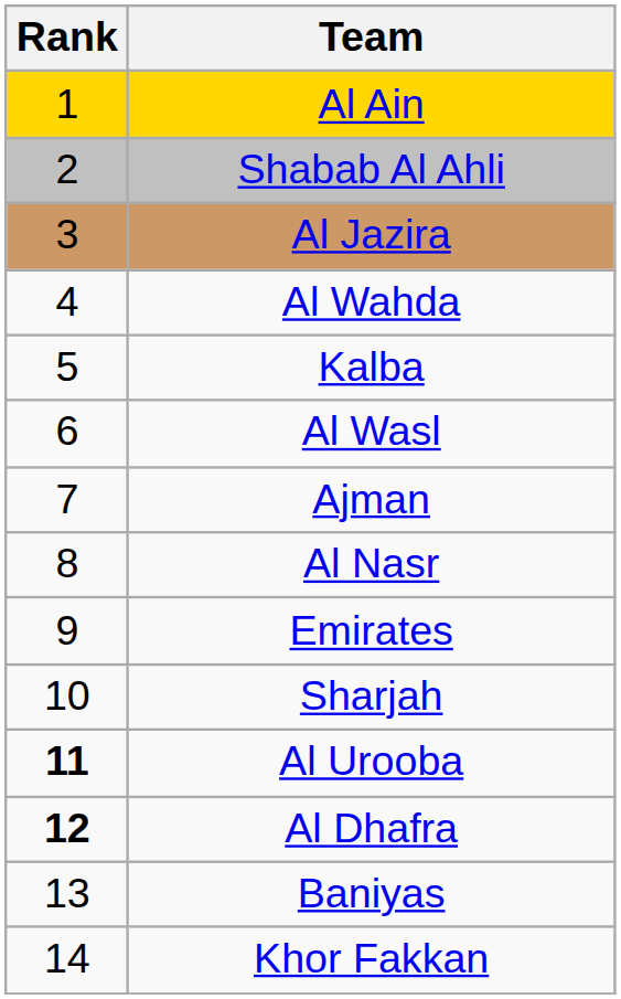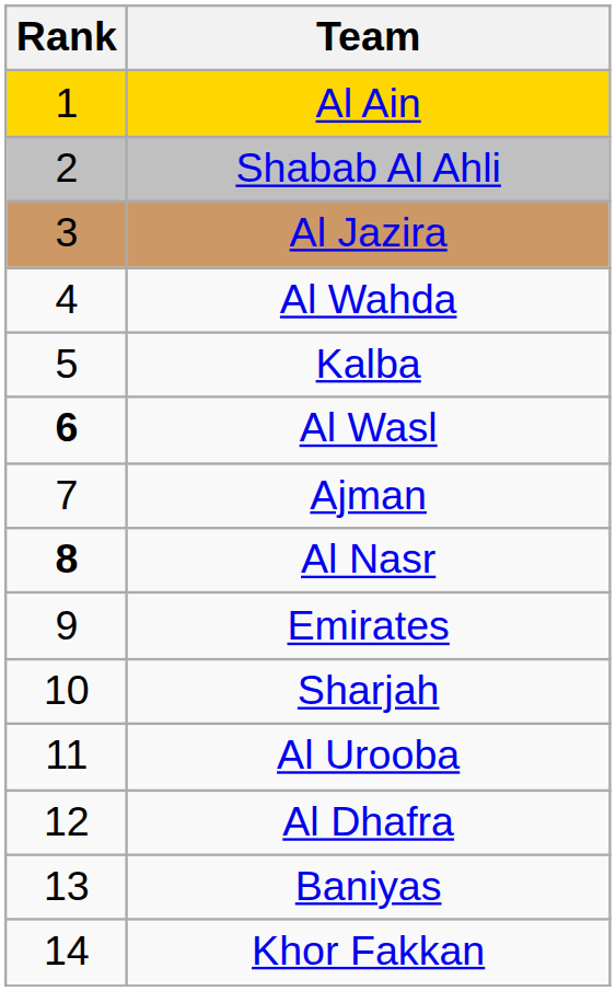 <table class="wikitable" style="text-align: center;">
 <tr>
 <th width=40>Rank</th>
 <th width=180>Team</th>
 </tr>
 <tr bgcolor=gold>
 <td>1</td>
 <td><a href='#'>Al Ain</a></td>
 </tr>
 <tr bgcolor=silver>
 <td>2</td>
 <td><a href='#'>Shabab Al Ahli</a></td>
 </tr>
 <tr bgcolor="#cc9966">
 <td>3</td>
 <td><a href='#'>Al Jazira</a></td>
 </tr>
 <tr align=center>
 <td>4</td>
 <td><a href='#'>Al Wahda</a></td>
 </tr>
 <tr align=center>
 <td>5</td>
 <td><a href='#'>Kalba</a></td>
 </tr>
 <tr align=center>
-<td>6</td>
+<td><strong>6</strong></td>
 <td><a href='#'>Al Wasl</a></td>
 </tr>
 <tr align=center>
 <td>7</td>
 <td><a href='#'>Ajman</a></td>
 </tr>
 <tr align=center>
-<td>8</td>
+<td><strong>8</strong></td>
 <td><a href='#'>Al Nasr</a></td>
 </tr>
 <tr align=center>
 <td>9</td>
 <td><a href='#'>Emirates</a></td>
 </tr>
 <tr align=center>
 <td>10</td>
 <td><a href='#'>Sharjah</a></td>
 </tr>
 <tr align=center>
-<td><strong>11</strong></td>
+<td>11</td>
 <td><a href='#'>Al Urooba</a></td>
 </tr>
 <tr align=center>
-<td><strong>12</strong></td>
+<td>12</td>
 <td><a href='#'>Al Dhafra</a></td>
 </tr>
 <tr align=center>
 <td>13</td>
 <td><a href='#'>Baniyas</a></td>
 </tr>
 <tr align=center>
 <td>14</td>
 <td><a href='#'>Khor Fakkan</a></td>
 </tr>
 <tr align=center>
 </tr>
 </table>
